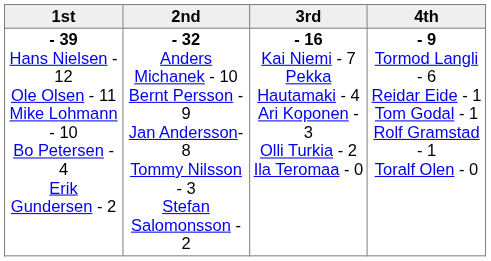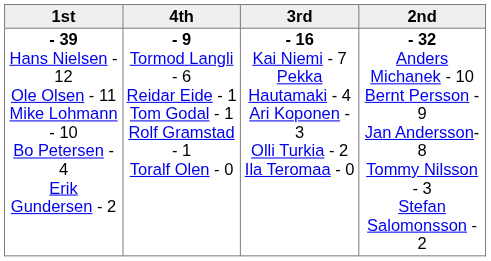 <table border=1 cellpadding=2 cellspacing=0 width=75% style="border-collapse:collapse">
 <tr align=center style="background:#efefef;">
 <th width=20% >1st</th>
+<th width=20%>4th</th>
+<th width=20% >3rd</th>
 <th width=20% >2nd</th>
-<th width=20% >3rd</th>
-<th width=20%>4th</th>
 </tr>
 <tr align=center>
 <td valign=top ><strong> - 39</strong><br><a href='#'>Hans Nielsen</a> - 12<br><a href='#'>Ole Olsen</a> - 11<br><a href='#'>Mike Lohmann</a> - 10<br><a href='#'>Bo Petersen</a> - 4<br><a href='#'>Erik Gundersen</a> - 2</td>
+<td valign=top><strong> - 9</strong><br><a href='#'>Tormod Langli</a> - 6<br><a href='#'>Reidar Eide</a> - 1<br><a href='#'>Tom Godal</a> - 1<br><a href='#'>Rolf Gramstad</a>  - 1<br><a href='#'>Toralf Olen</a> - 0</td>
+<td valign=top ><strong> - 16</strong><br><a href='#'>Kai Niemi</a> - 7<br><a href='#'>Pekka Hautamaki</a> - 4<br><a href='#'>Ari Koponen</a> - 3<br><a href='#'>Olli Turkia</a> - 2<br><a href='#'>Ila Teromaa</a> - 0</td>
 <td valign=top ><strong> - 32</strong><br><a href='#'>Anders Michanek</a> - 10<br><a href='#'>Bernt Persson</a> - 9<br><a href='#'>Jan Andersson</a>- 8<br><a href='#'>Tommy Nilsson</a> - 3<br><a href='#'>Stefan Salomonsson</a> - 2</td>
-<td valign=top ><strong> - 16</strong><br><a href='#'>Kai Niemi</a> - 7<br><a href='#'>Pekka Hautamaki</a> - 4<br><a href='#'>Ari Koponen</a> - 3<br><a href='#'>Olli Turkia</a> - 2<br><a href='#'>Ila Teromaa</a> - 0</td>
-<td valign=top><strong> - 9</strong><br><a href='#'>Tormod Langli</a> - 6<br><a href='#'>Reidar Eide</a> - 1<br><a href='#'>Tom Godal</a> - 1<br><a href='#'>Rolf Gramstad</a>  - 1<br><a href='#'>Toralf Olen</a> - 0</td>
 </tr>
 </table>
